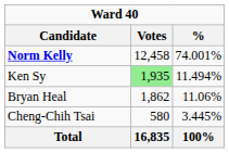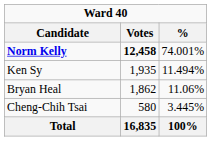 <table class="wikitable">
 <tr>
 <td Colspan="3" align="center"><strong>Ward 40</strong></td>
 </tr>
 <tr>
 <th bgcolor="#DDDDFF" width="150px">Candidate</th>
 <th bgcolor="#DDDDFF">Votes</th>
 <th bgcolor="#DDDDFF">%</th>
 </tr>
 <tr>
 <td><strong><a href='#'>Norm Kelly</a></strong></td>
-<td align=right>12,458</td>
+<td align=right><strong>12,458</strong></td>
 <td align=right>74.001%</td>
 </tr>
 <tr>
 <td>Ken Sy</td>
-<td align=right style="background: lightgreen;">1,935</td>
+<td align=right>1,935</td>
 <td align=right>11.494%</td>
 </tr>
 <tr>
 <td>Bryan Heal</td>
 <td align=right>1,862</td>
 <td align=right>11.06%</td>
 </tr>
 <tr>
 <td>Cheng-Chih Tsai</td>
 <td align=right>580</td>
 <td align=right>3.445%</td>
 </tr>
 <tr>
 <th>Total</th>
 <th align=right>16,835</th>
 <th align=right>100%</th>
 </tr>
 </table>
